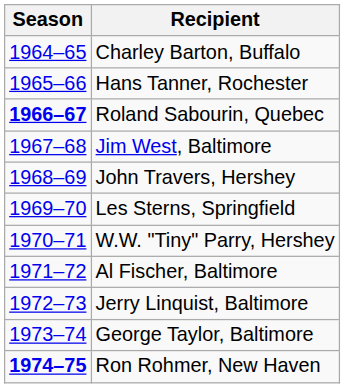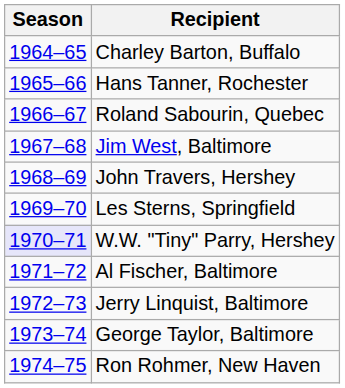 <table class="wikitable sortable">
 <tr>
 <th>Season</th>
 <th>Recipient</th>
 </tr>
 <tr>
 <td><a href='#'>1964–65</a></td>
 <td>Charley Barton, Buffalo</td>
 </tr>
 <tr>
 <td><a href='#'>1965–66</a></td>
 <td>Hans Tanner, Rochester</td>
 </tr>
 <tr>
-<td><strong><a href='#'>1966–67</a></strong></td>
+<td><a href='#'>1966–67</a></td>
 <td>Roland Sabourin, Quebec</td>
 </tr>
 <tr>
 <td><a href='#'>1967–68</a></td>
 <td><a href='#'>Jim West</a>, Baltimore</td>
 </tr>
 <tr>
 <td><a href='#'>1968–69</a></td>
 <td>John Travers, Hershey</td>
 </tr>
 <tr>
 <td><a href='#'>1969–70</a></td>
 <td>Les Sterns, Springfield</td>
 </tr>
 <tr>
-<td><a href='#'>1970–71</a></td>
+<td style="background: lavender;"><a href='#'>1970–71</a></td>
 <td>W.W. "Tiny" Parry, Hershey</td>
 </tr>
 <tr>
 <td><a href='#'>1971–72</a></td>
 <td>Al Fischer, Baltimore</td>
 </tr>
 <tr>
 <td><a href='#'>1972–73</a></td>
 <td>Jerry Linquist, Baltimore</td>
 </tr>
 <tr>
 <td><a href='#'>1973–74</a></td>
 <td>George Taylor, Baltimore</td>
 </tr>
 <tr>
-<td><strong><a href='#'>1974–75</a></strong></td>
+<td><a href='#'>1974–75</a></td>
 <td>Ron Rohmer, New Haven</td>
 </tr>
 </table>
